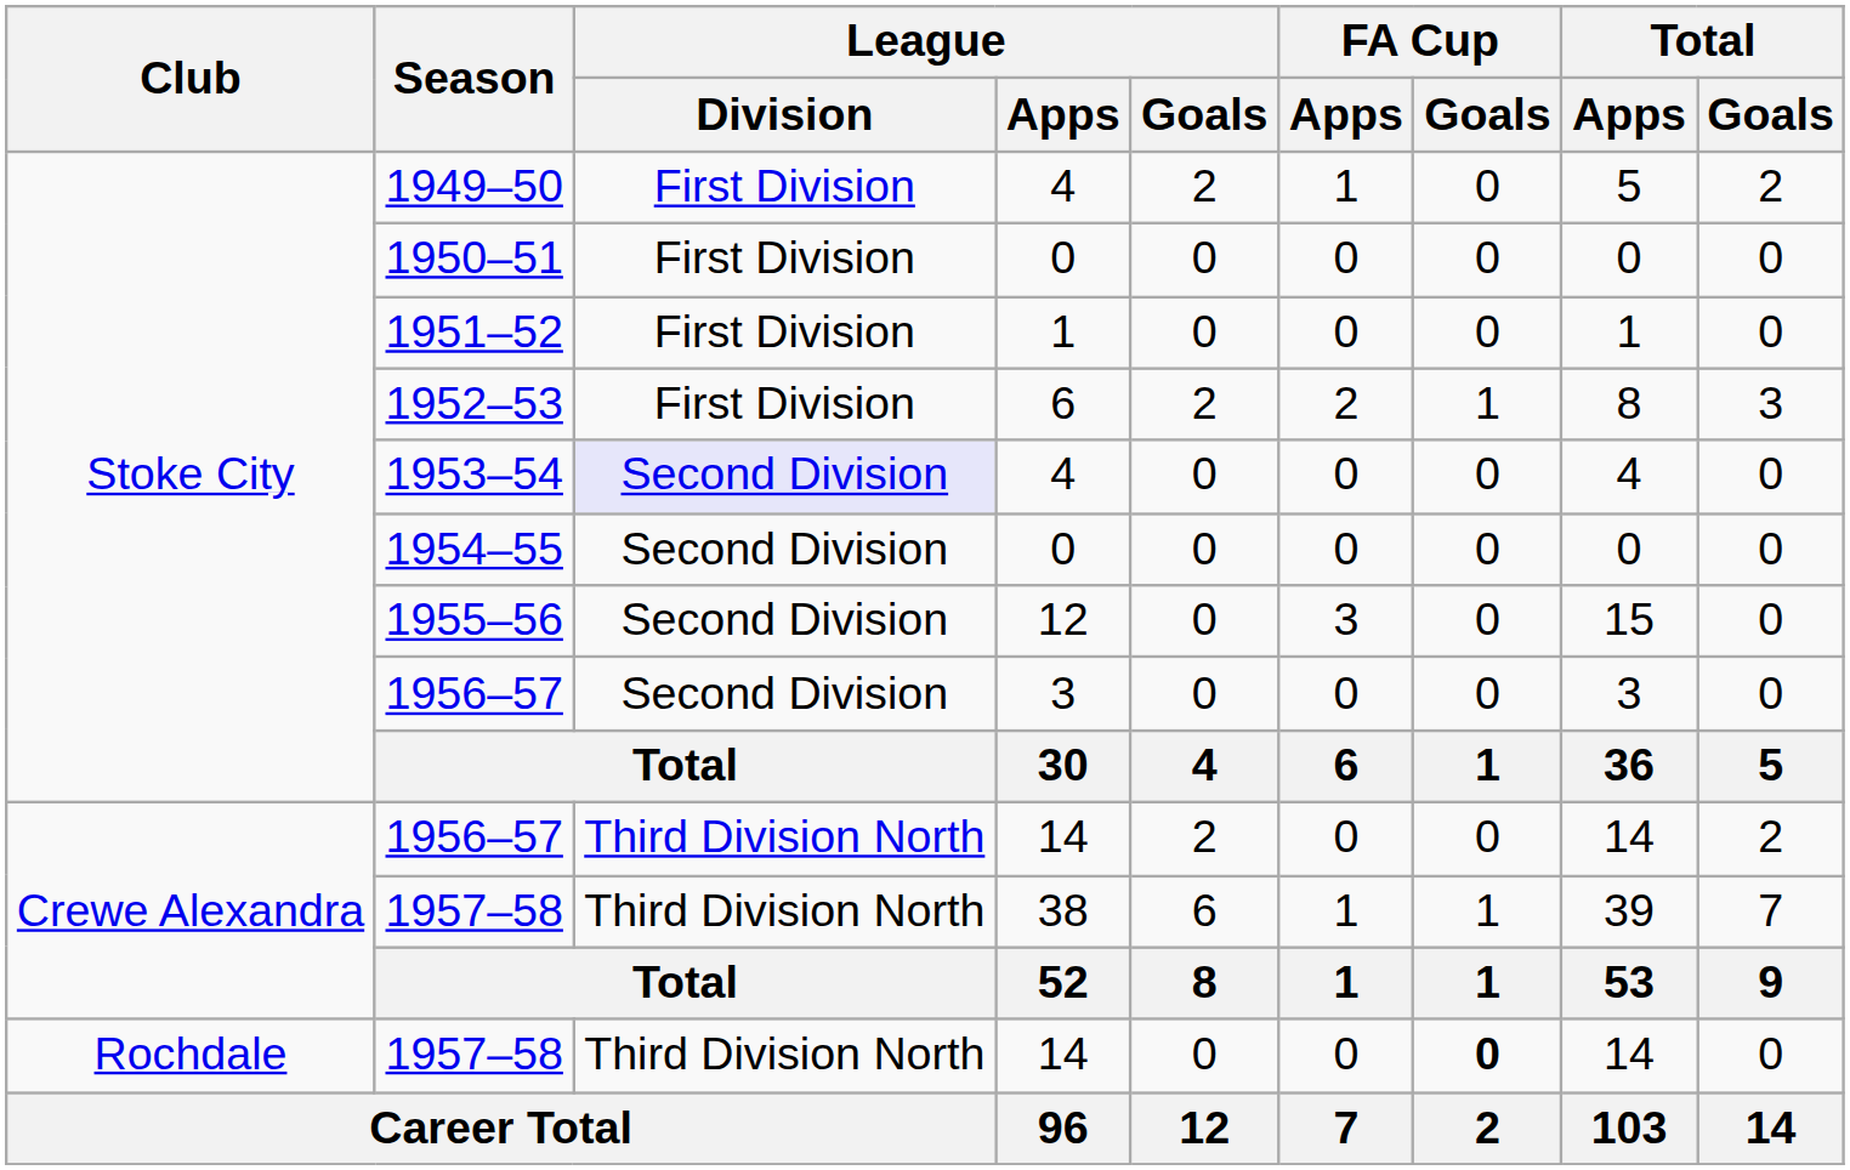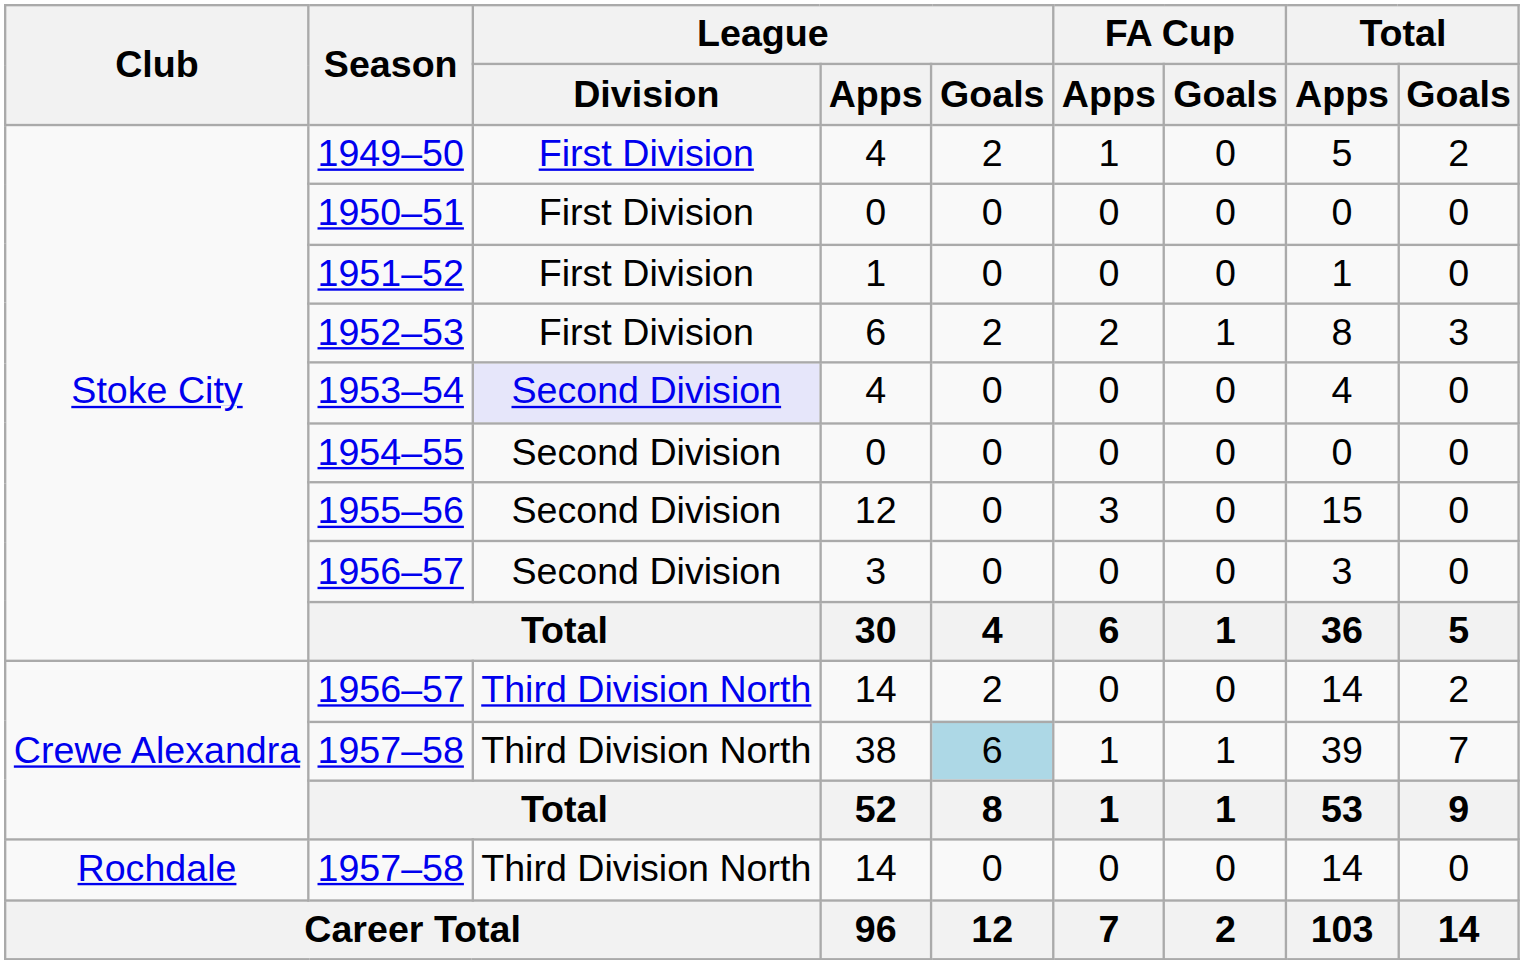 <table class="wikitable" style="text-align: center;">
 <tr>
 <th rowspan="2">Club</th>
 <th rowspan="2">Season</th>
 <th colspan="3">League</th>
 <th colspan="2">FA Cup</th>
 <th colspan="2">Total</th>
 </tr>
 <tr>
 <th>Division</th>
 <th>Apps</th>
 <th>Goals</th>
 <th>Apps</th>
 <th>Goals</th>
 <th>Apps</th>
 <th>Goals</th>
 </tr>
 <tr>
 <td rowspan="9"><a href='#'>Stoke City</a></td>
 <td><a href='#'>1949–50</a></td>
 <td><a href='#'>First Division</a></td>
 <td>4</td>
 <td>2</td>
 <td>1</td>
 <td>0</td>
 <td>5</td>
 <td>2</td>
 </tr>
 <tr>
 <td><a href='#'>1950–51</a></td>
 <td>First Division</td>
 <td>0</td>
 <td>0</td>
 <td>0</td>
 <td>0</td>
 <td>0</td>
 <td>0</td>
 </tr>
 <tr>
 <td><a href='#'>1951–52</a></td>
 <td>First Division</td>
 <td>1</td>
 <td>0</td>
 <td>0</td>
 <td>0</td>
 <td>1</td>
 <td>0</td>
 </tr>
 <tr>
 <td><a href='#'>1952–53</a></td>
 <td>First Division</td>
 <td>6</td>
 <td>2</td>
 <td>2</td>
 <td>1</td>
 <td>8</td>
 <td>3</td>
 </tr>
 <tr>
 <td><a href='#'>1953–54</a></td>
 <td style="background: lavender;"><a href='#'>Second Division</a></td>
 <td>4</td>
 <td>0</td>
 <td>0</td>
 <td>0</td>
 <td>4</td>
 <td>0</td>
 </tr>
 <tr>
 <td><a href='#'>1954–55</a></td>
 <td>Second Division</td>
 <td>0</td>
 <td>0</td>
 <td>0</td>
 <td>0</td>
 <td>0</td>
 <td>0</td>
 </tr>
 <tr>
 <td><a href='#'>1955–56</a></td>
 <td>Second Division</td>
 <td>12</td>
 <td>0</td>
 <td>3</td>
 <td>0</td>
 <td>15</td>
 <td>0</td>
 </tr>
 <tr>
 <td><a href='#'>1956–57</a></td>
 <td>Second Division</td>
 <td>3</td>
 <td>0</td>
 <td>0</td>
 <td>0</td>
 <td>3</td>
 <td>0</td>
 </tr>
 <tr>
 <th colspan=2>Total</th>
 <th>30</th>
 <th>4</th>
 <th>6</th>
 <th>1</th>
 <th>36</th>
 <th>5</th>
 </tr>
 <tr>
 <td rowspan="3"><a href='#'>Crewe Alexandra</a></td>
 <td><a href='#'>1956–57</a></td>
 <td><a href='#'>Third Division North</a></td>
 <td>14</td>
 <td>2</td>
 <td>0</td>
 <td>0</td>
 <td>14</td>
 <td>2</td>
 </tr>
 <tr>
 <td><a href='#'>1957–58</a></td>
 <td>Third Division North</td>
 <td>38</td>
-<td>6</td>
+<td style="background: lightblue;">6</td>
 <td>1</td>
 <td>1</td>
 <td>39</td>
 <td>7</td>
 </tr>
 <tr>
 <th colspan=2>Total</th>
 <th>52</th>
 <th>8</th>
 <th>1</th>
 <th>1</th>
 <th>53</th>
 <th>9</th>
 </tr>
 <tr>
 <td><a href='#'>Rochdale</a></td>
 <td><a href='#'>1957–58</a></td>
 <td>Third Division North</td>
 <td>14</td>
 <td>0</td>
 <td>0</td>
-<td><strong>0</strong></td>
+<td>0</td>
 <td>14</td>
 <td>0</td>
 </tr>
 <tr>
 <th colspan=3>Career Total</th>
 <th>96</th>
 <th>12</th>
 <th>7</th>
 <th>2</th>
 <th>103</th>
 <th>14</th>
 </tr>
 </table>
